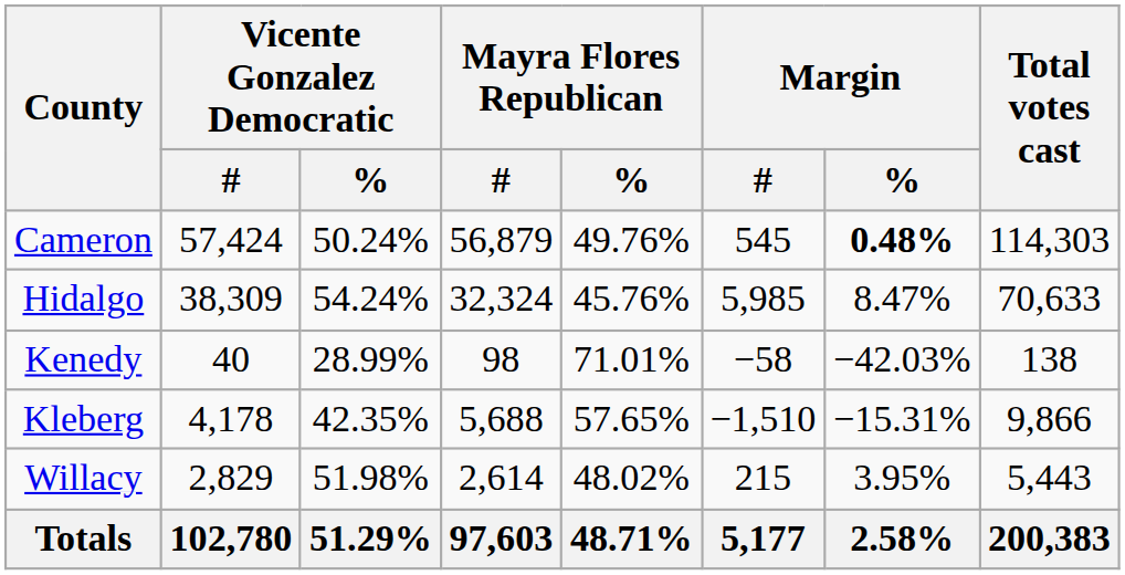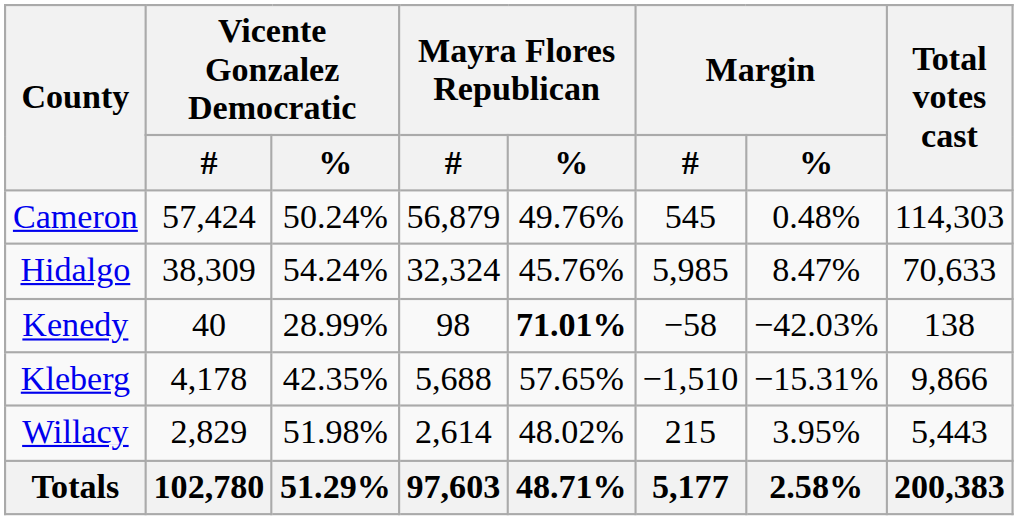 <table width="60%"  class="wikitable sortable" style="text-align:center">
 <tr>
 <th rowspan="2">County</th>
 <th style="text-align:center;" colspan="2">Vicente Gonzalez<br>Democratic</th>
 <th style="text-align:center;" colspan="2">Mayra Flores<br>Republican</th>
 <th style="text-align:center;" colspan="2">Margin</th>
 <th rowspan="2" style="text-align:center;">Total votes cast</th>
 </tr>
 <tr>
 <th style="text-align:center;" data-sort-type="number">#</th>
 <th style="text-align:center;" data-sort-type="number">%</th>
 <th style="text-align:center;" data-sort-type="number">#</th>
 <th style="text-align:center;" data-sort-type="number">%</th>
 <th style="text-align:center;" data-sort-type="number">#</th>
 <th style="text-align:center;" data-sort-type="number">%</th>
 </tr>
 <tr style="text-align:center;">
 <td style="color:black;background-color:"><a href='#'>Cameron</a></td>
 <td style="color:black;background-color:">57,424</td>
 <td style="color:black;background-color:">50.24%</td>
 <td style="background-color:">56,879</td>
 <td style="background-color:">49.76%</td>
 <td style="color:black;background-color:">545</td>
-<td style="color:black;background-color:"><strong>0.48%</strong></td>
+<td style="color:black;background-color:">0.48%</td>
 <td style="color:black;background-color:">114,303</td>
 </tr>
 <tr style="text-align:center;">
 <td style="color:black;background-color:"><a href='#'>Hidalgo</a></td>
 <td style="color:black;background-color:">38,309</td>
 <td style="color:black;background-color:">54.24%</td>
 <td style="background-color:">32,324</td>
 <td style="background-color:">45.76%</td>
 <td style="color:black;background-color:">5,985</td>
 <td style="color:black;background-color:">8.47%</td>
 <td style="color:black;background-color:">70,633</td>
 </tr>
 <tr style="text-align:center;">
 <td style="background-color:"><a href='#'>Kenedy</a></td>
 <td style="color:black;background-color:">40</td>
 <td style="color:black;background-color:">28.99%</td>
 <td style="background-color:">98</td>
-<td style="background-color:">71.01%</td>
+<td style="background-color:"><strong>71.01%</strong></td>
 <td style="background-color:">−58</td>
 <td style="background-color:">−42.03%</td>
 <td style="background-color:">138</td>
 </tr>
 <tr style="text-align:center;">
 <td style="background-color:"><a href='#'>Kleberg</a></td>
 <td style="color:black;background-color:">4,178</td>
 <td style="color:black;background-color:">42.35%</td>
 <td style="background-color:">5,688</td>
 <td style="background-color:">57.65%</td>
 <td style="background-color:">−1,510</td>
 <td style="background-color:">−15.31%</td>
 <td style="background-color:">9,866</td>
 </tr>
 <tr style="text-align:center;">
 <td style="color:black;background-color:"><a href='#'>Willacy</a></td>
 <td style="color:black;background-color:">2,829</td>
 <td style="color:black;background-color:">51.98%</td>
 <td style="background-color:">2,614</td>
 <td style="background-color:">48.02%</td>
 <td style="color:black;background-color:">215</td>
 <td style="color:black;background-color:">3.95%</td>
 <td style="color:black;background-color:">5,443</td>
 </tr>
 <tr style="text-align:center;">
 <th>Totals</th>
 <th>102,780</th>
 <th>51.29%</th>
 <th>97,603</th>
 <th>48.71%</th>
 <th>5,177</th>
 <th>2.58%</th>
 <th>200,383</th>
 </tr>
 </table>
